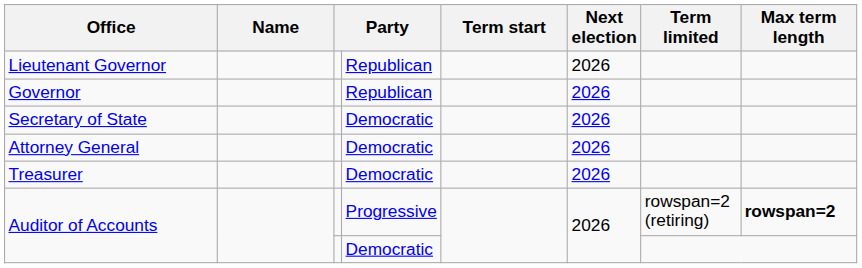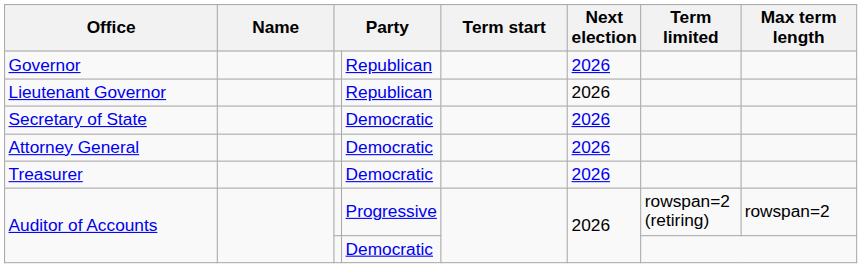 <table class="sortable wikitable">
 <tr>
 <th scope="col" width=190>Office</th>
 <th scope="col" width=100>Name</th>
 <th scope="col" width=75 colspan=2>Party</th>
 <th scope="col" width=110>Term start</th>
 <th scope="col" width=50>Next election</th>
 <th scope="col" width=85>Term limited</th>
 <th scope="col" width=100>Max term length</th>
 </tr>
 <tr>
+<td><a href='#'>Governor</a></td>
+<td></td>
+<td style="background-color:"></td>
+<td><a href='#'>Republican</a></td>
+<td></td>
+<td><a href='#'>2026</a></td>
+<td></td>
+<td></td>
+</tr>
+<tr>
 <td><a href='#'>Lieutenant Governor</a></td>
 <td></td>
 <td style="background-color:"></td>
 <td><a href='#'>Republican</a></td>
 <td></td>
 <td>2026</td>
-<td></td>
-<td></td>
-</tr>
-<tr>
-<td><a href='#'>Governor</a></td>
-<td></td>
-<td style="background-color:"></td>
-<td><a href='#'>Republican</a></td>
-<td></td>
-<td><a href='#'>2026</a></td>
 <td></td>
 <td></td>
 </tr>
 <tr>
 <td><a href='#'>Secretary of State</a></td>
 <td></td>
 <td style="background-color:"></td>
 <td><a href='#'>Democratic</a></td>
 <td></td>
 <td><a href='#'>2026</a></td>
 <td></td>
 <td></td>
 </tr>
 <tr>
 <td><a href='#'>Attorney General</a></td>
 <td></td>
 <td style="background-color:"></td>
 <td><a href='#'>Democratic</a></td>
 <td></td>
 <td><a href='#'>2026</a></td>
 <td></td>
 <td></td>
 </tr>
 <tr>
 <td><a href='#'>Treasurer</a></td>
 <td></td>
 <td style="background-color:"></td>
 <td><a href='#'>Democratic</a></td>
 <td></td>
 <td><a href='#'>2026</a></td>
 <td></td>
 <td></td>
 </tr>
 <tr>
 <td rowspan=2><a href='#'>Auditor of Accounts</a></td>
 <td rowspan=2></td>
 <td style="background-color:"></td>
 <td><a href='#'>Progressive</a></td>
 <td rowspan=2></td>
 <td rowspan=2>2026</td>
 <td>rowspan=2  (retiring)</td>
-<td><strong>rowspan=2 </strong></td>
+<td>rowspan=2 </td>
 </tr>
 <tr>
 <td style="background-color:"></td>
 <td><a href='#'>Democratic</a></td>
 </tr>
 </table>
